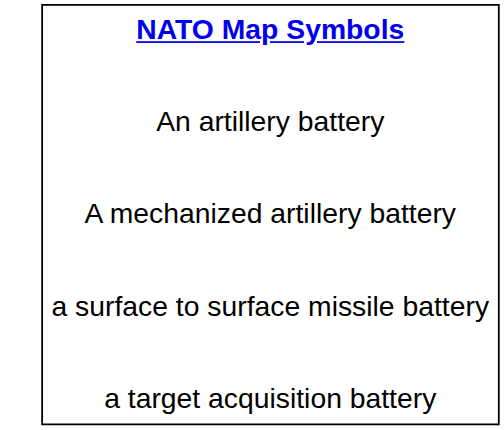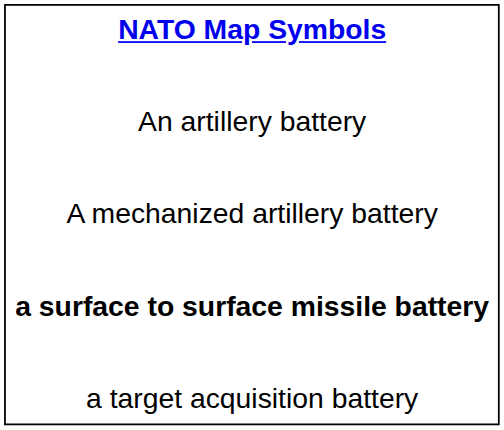 <table class="floatright" style="border:1px solid black; background:white;float: right;text-align: center" cellpadding="3">
 <tr>
 <th><a href='#'>NATO Map Symbols</a></th>
 </tr>
 <tr>
 <td><br></td>
 </tr>
 <tr>
 <td>An artillery battery</td>
 </tr>
 <tr>
 <td><br></td>
 </tr>
 <tr>
 <td>A mechanized artillery battery</td>
 </tr>
 <tr>
 <td><br></td>
 </tr>
 <tr>
-<td>a surface to surface missile battery</td>
+<td><strong>a surface to surface missile battery</strong></td>
 </tr>
 <tr>
 <td><br></td>
 </tr>
 <tr>
 <td>a target acquisition battery</td>
 </tr>
 </table>
